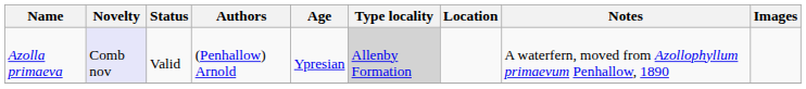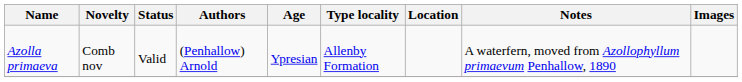 <table class="wikitable sortable" align="center" width="100%">
 <tr>
 <th>Name</th>
 <th>Novelty</th>
 <th>Status</th>
 <th>Authors</th>
 <th>Age</th>
 <th>Type locality</th>
 <th>Location</th>
 <th>Notes</th>
 <th>Images</th>
 </tr>
 <tr>
 <td><br><em><a href='#'>Azolla primaeva</a></em></td>
-<td style="background: lavender;"><br>Comb nov</td>
+<td><br>Comb nov</td>
 <td><br>Valid</td>
 <td><br>(<a href='#'>Penhallow</a>) <a href='#'>Arnold</a></td>
 <td><br><a href='#'>Ypresian</a></td>
-<td style="background: lightgrey;"><br><a href='#'>Allenby Formation</a></td>
+<td><br><a href='#'>Allenby Formation</a></td>
 <td><br></td>
 <td><br>A waterfern, moved from <em><a href='#'>Azollophyllum primaevum</a></em> <a href='#'>Penhallow</a>, <a href='#'>1890</a></td>
 <td><br></td>
 </tr>
 <tr>
 </tr>
 </table>
